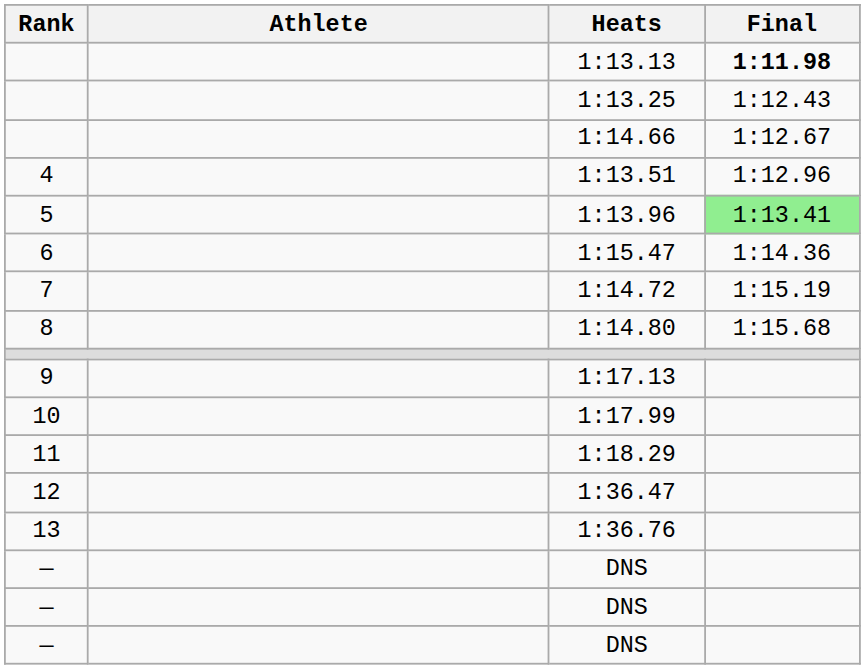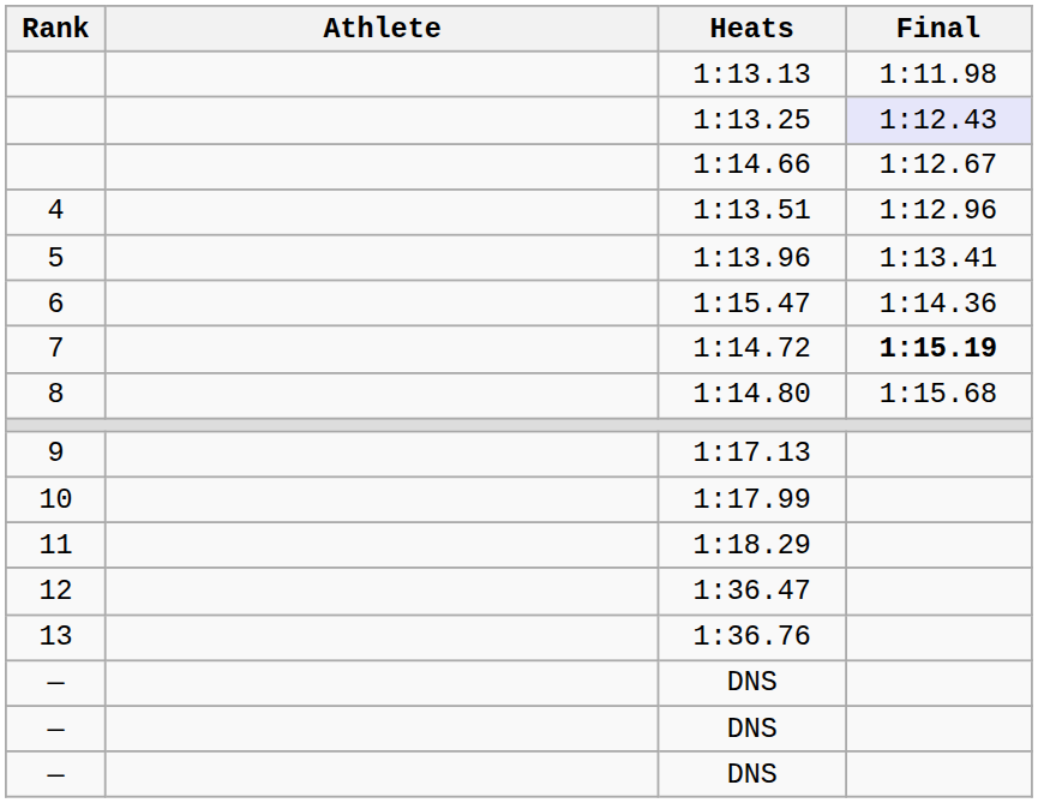 <table class=wikitable style="text-align:center">
 <tr>
 <th width=40>Rank</th>
 <th width=250>Athlete</th>
 <th width=80>Heats</th>
 <th width=80>Final</th>
 </tr>
 <tr>
 <td></td>
 <td align=left></td>
 <td>1:13.13</td>
-<td><strong>1:11.98</strong></td>
+<td>1:11.98</td>
 </tr>
 <tr>
 <td></td>
 <td align=left></td>
 <td>1:13.25</td>
-<td>1:12.43</td>
+<td style="background: lavender;">1:12.43</td>
 </tr>
 <tr>
 <td></td>
 <td align=left></td>
 <td>1:14.66</td>
 <td>1:12.67</td>
 </tr>
 <tr>
 <td>4</td>
 <td align=left></td>
 <td>1:13.51</td>
 <td>1:12.96</td>
 </tr>
 <tr>
 <td>5</td>
 <td align=left></td>
 <td>1:13.96</td>
-<td style="background: lightgreen;">1:13.41</td>
+<td>1:13.41</td>
 </tr>
 <tr>
 <td>6</td>
 <td align=left></td>
 <td>1:15.47</td>
 <td>1:14.36</td>
 </tr>
 <tr>
 <td>7</td>
 <td align=left></td>
 <td>1:14.72</td>
-<td>1:15.19</td>
+<td><strong>1:15.19</strong></td>
 </tr>
 <tr>
 <td>8</td>
 <td align=left></td>
 <td>1:14.80</td>
 <td>1:15.68</td>
 </tr>
 <tr bgcolor=#DDDDDD>
 <td colspan=4></td>
 </tr>
 <tr>
 <td>9</td>
 <td align=left></td>
 <td>1:17.13</td>
 <td></td>
 </tr>
 <tr>
 <td>10</td>
 <td align=left></td>
 <td>1:17.99</td>
 <td></td>
 </tr>
 <tr>
 <td>11</td>
 <td align=left></td>
 <td>1:18.29</td>
 <td></td>
 </tr>
 <tr>
 <td>12</td>
 <td align=left></td>
 <td>1:36.47</td>
 <td></td>
 </tr>
 <tr>
 <td>13</td>
 <td align=left></td>
 <td>1:36.76</td>
 <td></td>
 </tr>
 <tr>
 <td>—</td>
 <td align=left></td>
 <td>DNS</td>
 <td></td>
 </tr>
 <tr>
 <td>—</td>
 <td align=left></td>
 <td>DNS</td>
 <td></td>
 </tr>
 <tr>
 <td>—</td>
 <td align=left></td>
 <td>DNS</td>
 <td></td>
 </tr>
 </table>
